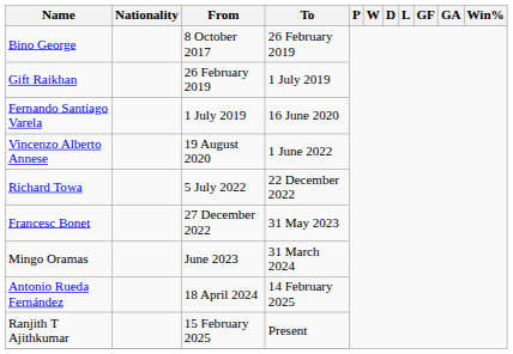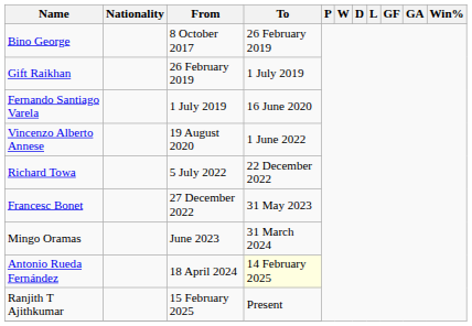 <table class="wikitable plainrowheaders sortable" style="text-align:center">
 <tr>
 <th>Name</th>
 <th>Nationality</th>
 <th>From</th>
 <th class="unsortable">To</th>
 <th>P</th>
 <th>W</th>
 <th>D</th>
 <th>L</th>
 <th>GF</th>
 <th>GA</th>
 <th>Win%</th>
 </tr>
 <tr>
 <td scope=row style=text-align:left><a href='#'>Bino George</a></td>
 <td style="text-align:left"></td>
 <td style="text-align:left">8 October 2017</td>
 <td style="text-align:left">26 February 2019<br></td>
 </tr>
 <tr>
 <td scope=row style=text-align:left><a href='#'>Gift Raikhan</a></td>
 <td style="text-align:left"></td>
 <td style="text-align:left">26 February 2019</td>
 <td style="text-align:left">1 July 2019<br></td>
 </tr>
 <tr>
 <td scope=row style=text-align:left><a href='#'>Fernando Santiago Varela</a></td>
 <td style="text-align:left"></td>
 <td style="text-align:left">1 July 2019</td>
 <td style="text-align:left">16 June 2020<br></td>
 </tr>
 <tr>
 <td scope=row style=text-align:left><a href='#'>Vincenzo Alberto Annese</a></td>
 <td style="text-align:left"></td>
 <td style="text-align:left">19 August 2020 </td>
 <td style="text-align:left">1 June 2022<br></td>
 </tr>
 <tr>
 <td scope=row style=text-align:left><a href='#'>Richard Towa</a></td>
 <td style="text-align:left"></td>
 <td style="text-align:left">5 July 2022 </td>
 <td style="text-align:left">22 December 2022<br></td>
 </tr>
 <tr>
 <td scope=row style=text-align:left><a href='#'>Francesc Bonet</a></td>
 <td style="text-align:left"></td>
 <td style="text-align:left">27 December 2022</td>
 <td style="text-align:left">31 May 2023<br></td>
 </tr>
 <tr>
 <td scope=row style=text-align:left>Mingo Oramas</td>
 <td style="text-align:left"></td>
 <td style="text-align:left">June 2023</td>
 <td style="text-align:left">31 March 2024<br></td>
 </tr>
 <tr>
 <td scope=row style=text-align:left><a href='#'>Antonio Rueda Fernández</a></td>
 <td style="text-align:left"></td>
 <td style="text-align:left">18 April 2024</td>
-<td style="text-align:left">14 February 2025<br></td>
+<td style="background: lightyellow; text-align:left">14 February 2025<br></td>
 </tr>
 <tr>
 <td scope=row style=text-align:left>Ranjith T Ajithkumar </td>
 <td style="text-align:left"></td>
 <td style="text-align:left">15 February 2025</td>
 <td style="text-align:left">Present<br></td>
 </tr>
 <tr>
 </tr>
 </table>
